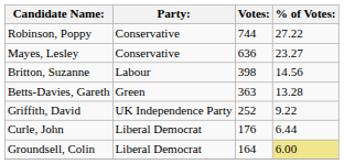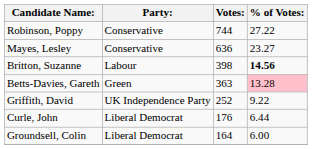 <table class="wikitable">
 <tr>
 <th>Candidate Name:</th>
 <th>Party:</th>
 <th>Votes:</th>
 <th>% of Votes:</th>
 </tr>
 <tr>
 <td>Robinson, Poppy</td>
 <td>Conservative</td>
 <td>744</td>
 <td>27.22</td>
 </tr>
 <tr>
 <td>Mayes, Lesley</td>
 <td>Conservative</td>
 <td>636</td>
 <td>23.27</td>
 </tr>
 <tr>
 <td>Britton, Suzanne</td>
 <td>Labour</td>
 <td>398</td>
-<td>14.56</td>
+<td><strong>14.56</strong></td>
 </tr>
 <tr>
 <td>Betts-Davies, Gareth</td>
 <td>Green</td>
 <td>363</td>
-<td>13.28</td>
+<td style="background: pink;">13.28</td>
 </tr>
 <tr>
 <td>Griffith, David</td>
 <td>UK Independence Party</td>
 <td>252</td>
 <td>9.22</td>
 </tr>
 <tr>
 <td>Curle, John</td>
 <td>Liberal Democrat</td>
 <td>176</td>
 <td>6.44</td>
 </tr>
 <tr>
 <td>Groundsell, Colin</td>
 <td>Liberal Democrat</td>
 <td>164</td>
-<td style="background: khaki;">6.00</td>
+<td>6.00</td>
 </tr>
 <tr>
 </tr>
 </table>
